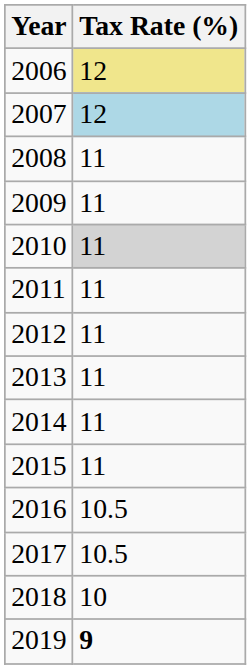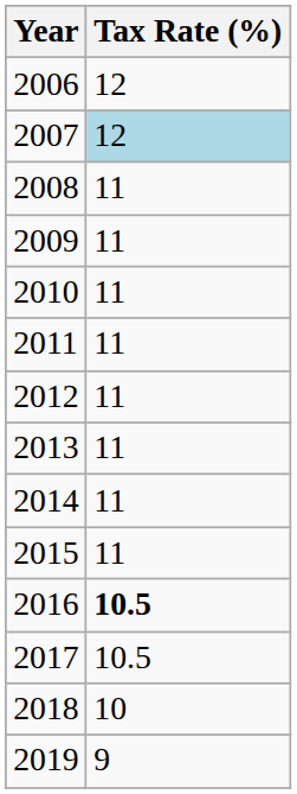 <table class="wikitable sortable">
 <tr>
 <th>Year</th>
 <th>Tax Rate (%)</th>
 </tr>
 <tr>
 <td>2006</td>
-<td style="background: khaki;">12</td>
+<td>12</td>
 </tr>
 <tr>
 <td>2007</td>
 <td style="background: lightblue;">12</td>
 </tr>
 <tr>
 <td>2008</td>
 <td>11</td>
 </tr>
 <tr>
 <td>2009</td>
 <td>11</td>
 </tr>
 <tr>
 <td>2010</td>
-<td style="background: lightgrey;">11</td>
+<td>11</td>
 </tr>
 <tr>
 <td>2011</td>
 <td>11</td>
 </tr>
 <tr>
 <td>2012</td>
 <td>11</td>
 </tr>
 <tr>
 <td>2013</td>
 <td>11</td>
 </tr>
 <tr>
 <td>2014</td>
 <td>11</td>
 </tr>
 <tr>
 <td>2015</td>
 <td>11</td>
 </tr>
 <tr>
 <td>2016</td>
-<td>10.5</td>
+<td><strong>10.5</strong></td>
 </tr>
 <tr>
 <td>2017</td>
 <td>10.5</td>
 </tr>
 <tr>
 <td>2018</td>
 <td>10</td>
 </tr>
 <tr>
 <td>2019</td>
-<td><strong>9</strong></td>
+<td>9</td>
 </tr>
 </table>
